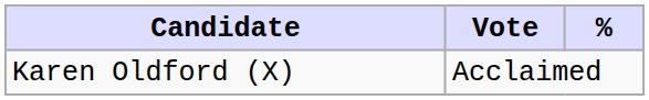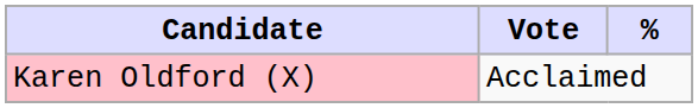 <table class="wikitable">
 <tr>
 <th style="background:#ddf; width:200px;">Candidate</th>
 <th style="background:#ddf; width:50px;">Vote</th>
 <th style="background:#ddf; width:30px;">%</th>
 </tr>
 <tr>
-<td>Karen Oldford (X)</td>
+<td style="background: pink;">Karen Oldford (X)</td>
 <td colspan="2">Acclaimed</td>
 </tr>
 </table>
